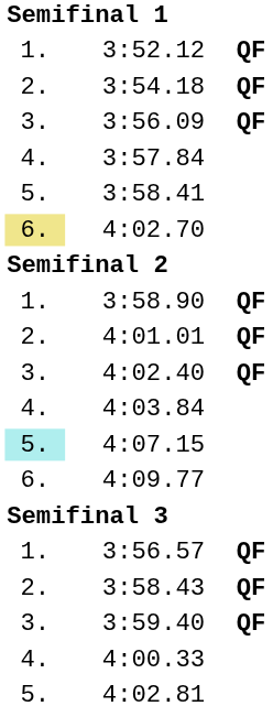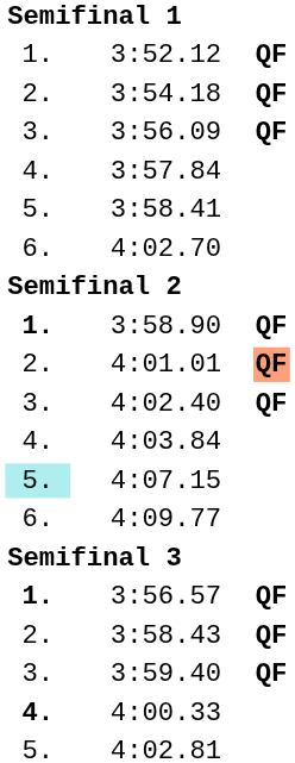 <table style="text-align:center">
 <tr>
 <td colspan=4 align=left><strong>Semifinal 1</strong></td>
 </tr>
 <tr>
 <td width=30>1.</td>
 <td align=left></td>
 <td width=80>3:52.12</td>
 <td><strong>QF</strong></td>
 </tr>
 <tr>
 <td>2.</td>
 <td align=left></td>
 <td>3:54.18</td>
 <td><strong>QF</strong></td>
 </tr>
 <tr>
 <td>3.</td>
 <td align=left></td>
 <td>3:56.09</td>
 <td><strong>QF</strong></td>
 </tr>
 <tr>
 <td>4.</td>
 <td align=left></td>
 <td>3:57.84</td>
 <td></td>
 </tr>
 <tr>
 <td>5.</td>
 <td align=left></td>
 <td>3:58.41</td>
 <td></td>
 </tr>
 <tr>
-<td style="background: khaki;">6.</td>
+<td>6.</td>
 <td align=left></td>
 <td>4:02.70</td>
 <td></td>
 </tr>
 <tr>
 <td colspan=4 align=left><strong>Semifinal 2</strong></td>
 </tr>
 <tr>
-<td>1.</td>
+<td><strong>1.</strong></td>
 <td align=left></td>
 <td>3:58.90</td>
 <td><strong>QF</strong></td>
 </tr>
 <tr>
 <td>2.</td>
 <td align=left></td>
 <td>4:01.01</td>
-<td><strong>QF</strong></td>
+<td style="background: lightsalmon;"><strong>QF</strong></td>
 </tr>
 <tr>
 <td>3.</td>
 <td align=left></td>
 <td>4:02.40</td>
 <td><strong>QF</strong></td>
 </tr>
 <tr>
 <td>4.</td>
 <td align=left></td>
 <td>4:03.84</td>
 <td></td>
 </tr>
 <tr>
 <td style="background: paleturquoise;">5.</td>
 <td align=left></td>
 <td>4:07.15</td>
 <td></td>
 </tr>
 <tr>
 <td>6.</td>
 <td align=left></td>
 <td>4:09.77</td>
 <td></td>
 </tr>
 <tr>
 <td colspan=4 align=left><strong>Semifinal 3</strong></td>
 </tr>
 <tr>
-<td>1.</td>
+<td><strong>1.</strong></td>
 <td align=left></td>
 <td>3:56.57</td>
 <td><strong>QF</strong></td>
 </tr>
 <tr>
 <td>2.</td>
 <td align=left></td>
 <td>3:58.43</td>
 <td><strong>QF</strong></td>
 </tr>
 <tr>
 <td>3.</td>
 <td align=left></td>
 <td>3:59.40</td>
 <td><strong>QF</strong></td>
 </tr>
 <tr>
-<td>4.</td>
+<td><strong>4.</strong></td>
 <td align=left></td>
 <td>4:00.33</td>
 <td></td>
 </tr>
 <tr>
 <td>5.</td>
 <td align=left></td>
 <td>4:02.81</td>
 <td></td>
 </tr>
 </table>
